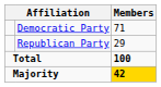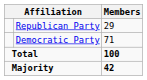 <table class="wikitable">
 <tr>
 <th colspan="2">Affiliation</th>
 <th>Members</th>
 </tr>
 <tr>
 <td style="background-color:"> </td>
-<td><a href='#'>Democratic Party</a></td>
-<td>71</td>
+<td><a href='#'>Republican Party</a></td>
+<td>29</td>
 </tr>
 <tr>
 <td style="background-color:"> </td>
-<td><a href='#'>Republican Party</a></td>
-<td>29</td>
+<td><a href='#'>Democratic Party</a></td>
+<td>71</td>
 </tr>
 <tr>
 <td colspan="2" rowspan="1"> <strong>Total</strong><br></td>
 <td><strong>100</strong></td>
 </tr>
 <tr>
 <td colspan="2" rowspan="1"> <strong>Majority</strong><br></td>
-<td style="background: gold;"><strong>42</strong></td>
+<td><strong>42</strong></td>
 </tr>
 </table>
